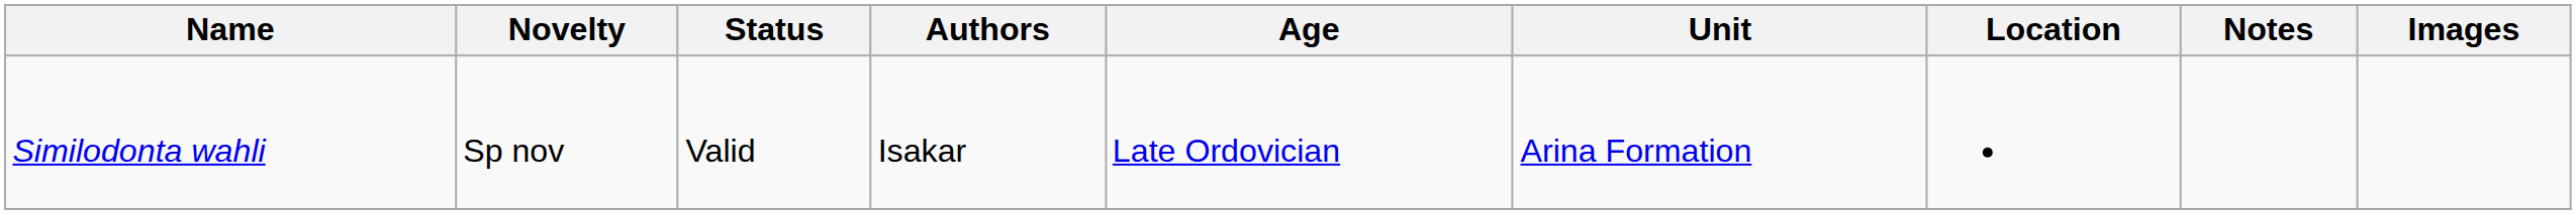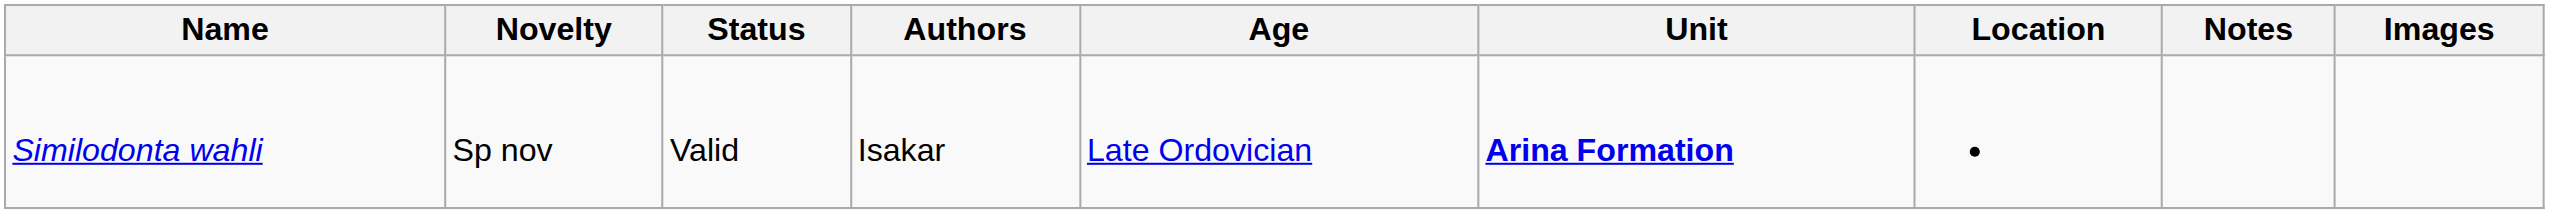 <table class="wikitable sortable" align="center" width="100%">
 <tr>
 <th>Name</th>
 <th>Novelty</th>
 <th>Status</th>
 <th>Authors</th>
 <th>Age</th>
 <th>Unit</th>
 <th>Location</th>
 <th>Notes</th>
 <th>Images</th>
 </tr>
 <tr>
 <td><br><em><a href='#'>Similodonta wahli</a></em></td>
 <td><br>Sp nov</td>
 <td><br>Valid</td>
 <td><br>Isakar</td>
 <td><br><a href='#'>Late Ordovician</a></td>
-<td><br><a href='#'>Arina Formation</a></td>
+<td><strong><br><a href='#'>Arina Formation</a></strong></td>
 <td><br><ul><li></li></ul></td>
 <td></td>
 <td></td>
 </tr>
 <tr>
 </tr>
 </table>
